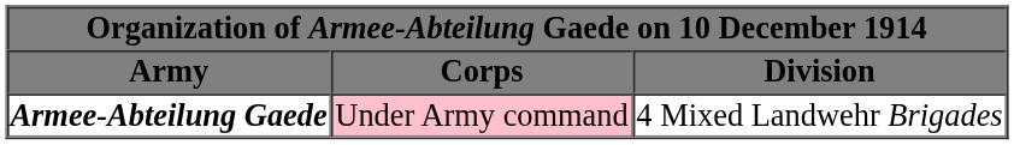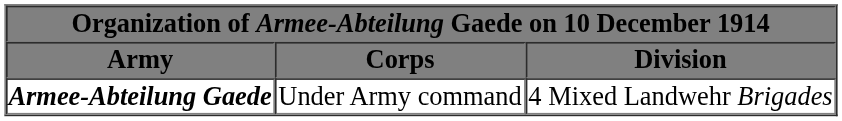 <table style="float: right;" border="1" cellpadding="1" cellspacing="0" style="font-size: 100%; border: gray solid 1px; border-collapse: collapse; text-align: center;">
 <tr style="background-color:grey; color:black;">
 <th colspan="3">Organization of <em>Armee-Abteilung</em> Gaede on 10 December 1914</th>
 </tr>
 <tr>
 </tr>
 <tr style="background-color:grey; color:black;">
 <th>Army</th>
 <th>Corps</th>
 <th>Division</th>
 </tr>
 <tr>
 <td ROWSPAN=1><strong><em>Armee-Abteilung<em> Gaede<strong></td>
-<td ROWSPAN=1 style="background: pink;">Under Army command</td>
+<td ROWSPAN=1>Under Army command</td>
 <td>4 Mixed </em>Landwehr<em> Brigades</td>
 </tr>
 </table>
